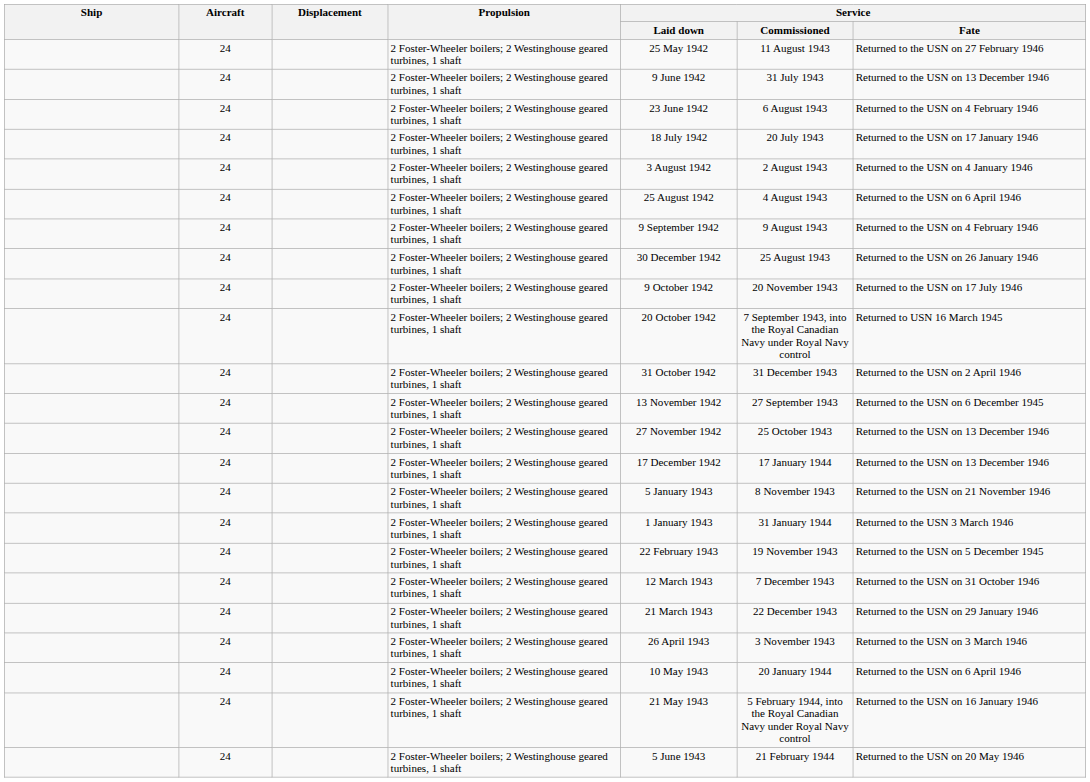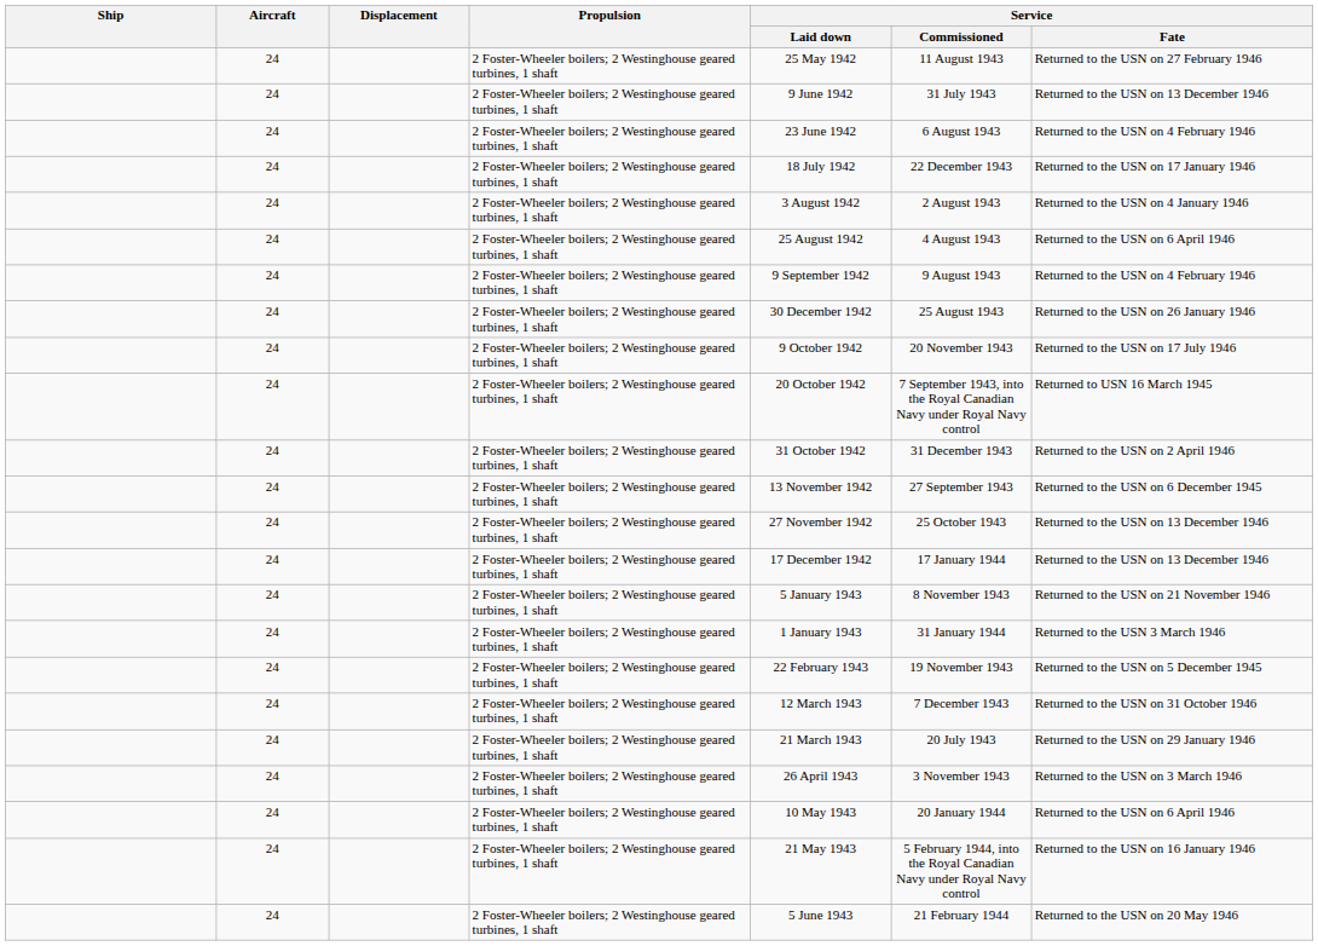 <table class="wikitable" style="width:99%;">
 <tr valign="top"|- valign="top">
 <th style="width:15%; text-align:center;" rowspan="2">Ship</th>
 <th style="width:8%; text-align:center;" rowspan="2">Aircraft</th>
 <th style="width:10%; text-align:center;" rowspan="2">Displacement</th>
 <th style="width:20%; text-align:center;" rowspan="2">Propulsion</th>
 <th style="width:40%; text-align:center;" colspan="3">Service</th>
 </tr>
 <tr valign="top">
 <th style="width:10%; text-align:center;">Laid down</th>
 <th style="width:10%; text-align:center;">Commissioned</th>
 <th style="width:20%; text-align:center;">Fate</th>
 </tr>
 <tr valign="top">
 <td align= left></td>
 <td style="text-align:center;">24</td>
 <td style="text-align:center;"></td>
 <td align= left>2 Foster-Wheeler boilers; 2 Westinghouse geared turbines, 1 shaft</td>
 <td style="text-align:center;">25 May 1942</td>
 <td style="text-align:center;">11 August 1943</td>
 <td align= left>Returned to the USN on 27 February 1946</td>
 </tr>
 <tr valign="top">
 <td align= left></td>
 <td style="text-align:center;">24</td>
 <td style="text-align:center;"></td>
 <td align= left>2 Foster-Wheeler boilers; 2 Westinghouse geared turbines, 1 shaft</td>
 <td style="text-align:center;">9 June 1942</td>
 <td style="text-align:center;">31 July 1943</td>
 <td align= left>Returned to the USN on 13 December 1946</td>
 </tr>
 <tr valign="top">
 <td align= left></td>
 <td style="text-align:center;">24</td>
 <td style="text-align:center;"></td>
 <td align= left>2 Foster-Wheeler boilers; 2 Westinghouse geared turbines, 1 shaft</td>
 <td style="text-align:center;">23 June 1942</td>
 <td style="text-align:center;">6 August 1943</td>
 <td align= left>Returned to the USN on 4 February 1946</td>
 </tr>
 <tr valign="top">
 <td align= left></td>
 <td style="text-align:center;">24</td>
 <td style="text-align:center;"></td>
 <td align= left>2 Foster-Wheeler boilers; 2 Westinghouse geared turbines, 1 shaft</td>
 <td style="text-align:center;">18 July 1942</td>
-<td style="text-align:center;">20 July 1943</td>
+<td style="text-align:center;">22 December 1943</td>
 <td align= left>Returned to the USN on 17 January 1946</td>
 </tr>
 <tr valign="top">
 <td align= left></td>
 <td style="text-align:center;">24</td>
 <td style="text-align:center;"></td>
 <td align= left>2 Foster-Wheeler boilers; 2 Westinghouse geared turbines, 1 shaft</td>
 <td style="text-align:center;">3 August 1942</td>
 <td style="text-align:center;">2 August 1943</td>
 <td align= left>Returned to the USN on 4 January 1946</td>
 </tr>
 <tr valign="top">
 <td align= left></td>
 <td style="text-align:center;">24</td>
 <td style="text-align:center;"></td>
 <td align= left>2 Foster-Wheeler boilers; 2 Westinghouse geared turbines, 1 shaft</td>
 <td style="text-align:center;">25 August 1942</td>
 <td style="text-align:center;">4 August 1943</td>
 <td align= left>Returned to the USN on 6 April 1946</td>
 </tr>
 <tr valign="top">
 <td align= left></td>
 <td style="text-align:center;">24</td>
 <td style="text-align:center;"></td>
 <td align= left>2 Foster-Wheeler boilers; 2 Westinghouse geared turbines, 1 shaft</td>
 <td style="text-align:center;">9 September 1942</td>
 <td style="text-align:center;">9 August 1943</td>
 <td align= left>Returned to the USN on 4 February 1946</td>
 </tr>
 <tr valign="top">
 <td align= left></td>
 <td style="text-align:center;">24</td>
 <td style="text-align:center;"></td>
 <td align= left>2 Foster-Wheeler boilers; 2 Westinghouse geared turbines, 1 shaft</td>
 <td style="text-align:center;">30 December 1942</td>
 <td style="text-align:center;">25 August 1943</td>
 <td align= left>Returned to the USN on 26 January 1946</td>
 </tr>
 <tr valign="top">
 <td align= left></td>
 <td style="text-align:center;">24</td>
 <td style="text-align:center;"></td>
 <td align= left>2 Foster-Wheeler boilers; 2 Westinghouse geared turbines, 1 shaft</td>
 <td style="text-align:center;">9 October 1942</td>
 <td style="text-align:center;">20 November 1943</td>
 <td align= left>Returned to the USN on 17 July 1946</td>
 </tr>
 <tr valign="top">
 <td align= left></td>
 <td style="text-align:center;">24</td>
 <td style="text-align:center;"></td>
 <td align= left>2 Foster-Wheeler boilers; 2 Westinghouse geared turbines, 1 shaft</td>
 <td style="text-align:center;">20 October 1942</td>
 <td style="text-align:center;">7 September 1943, into the Royal Canadian Navy under Royal Navy control</td>
 <td align= left>Returned to USN 16 March 1945</td>
 </tr>
 <tr valign="top">
 <td align= left></td>
 <td style="text-align:center;">24</td>
 <td style="text-align:center;"></td>
 <td align= left>2 Foster-Wheeler boilers; 2 Westinghouse geared turbines, 1 shaft</td>
 <td style="text-align:center;">31 October 1942</td>
 <td style="text-align:center;">31 December 1943</td>
 <td align= left>Returned to the USN on 2 April 1946</td>
 </tr>
 <tr valign="top">
 <td align= left></td>
 <td style="text-align:center;">24</td>
 <td style="text-align:center;"></td>
 <td align= left>2 Foster-Wheeler boilers; 2 Westinghouse geared turbines, 1 shaft</td>
 <td style="text-align:center;">13 November 1942</td>
 <td style="text-align:center;">27 September 1943</td>
 <td align= left>Returned to the USN on 6 December 1945</td>
 </tr>
 <tr valign="top">
 <td align= left></td>
 <td style="text-align:center;">24</td>
 <td style="text-align:center;"></td>
 <td align= left>2 Foster-Wheeler boilers; 2 Westinghouse geared turbines, 1 shaft</td>
 <td style="text-align:center;">27 November 1942</td>
 <td style="text-align:center;">25 October 1943</td>
 <td align= left>Returned to the USN on 13 December 1946</td>
 </tr>
 <tr valign="top">
 <td align= left></td>
 <td style="text-align:center;">24</td>
 <td style="text-align:center;"></td>
 <td align= left>2 Foster-Wheeler boilers; 2 Westinghouse geared turbines, 1 shaft</td>
 <td style="text-align:center;">17 December 1942</td>
 <td style="text-align:center;">17 January 1944</td>
 <td align= left>Returned to the USN on 13 December 1946</td>
 </tr>
 <tr valign="top">
 <td align= left></td>
 <td style="text-align:center;">24</td>
 <td style="text-align:center;"></td>
 <td align= left>2 Foster-Wheeler boilers; 2 Westinghouse geared turbines, 1 shaft</td>
 <td style="text-align:center;">5 January 1943</td>
 <td style="text-align:center;">8 November 1943</td>
 <td align= left>Returned to the USN on 21 November 1946</td>
 </tr>
 <tr valign="top">
 <td align= left></td>
 <td style="text-align:center;">24</td>
 <td style="text-align:center;"></td>
 <td align= left>2 Foster-Wheeler boilers; 2 Westinghouse geared turbines, 1 shaft</td>
 <td style="text-align:center;">1 January 1943</td>
 <td style="text-align:center;">31 January 1944</td>
 <td align= left>Returned to the USN 3 March 1946</td>
 </tr>
 <tr valign="top">
 <td align= left></td>
 <td style="text-align:center;">24</td>
 <td style="text-align:center;"></td>
 <td align= left>2 Foster-Wheeler boilers; 2 Westinghouse geared turbines, 1 shaft</td>
 <td style="text-align:center;">22 February 1943</td>
 <td style="text-align:center;">19 November 1943</td>
 <td align= left>Returned to the USN on 5 December 1945</td>
 </tr>
 <tr valign="top">
 <td align= left></td>
 <td style="text-align:center;">24</td>
 <td style="text-align:center;"></td>
 <td align= left>2 Foster-Wheeler boilers; 2 Westinghouse geared turbines, 1 shaft</td>
 <td style="text-align:center;">12 March 1943</td>
 <td style="text-align:center;">7 December 1943</td>
 <td align= left>Returned to the USN on 31 October 1946</td>
 </tr>
 <tr valign="top">
 <td align= left></td>
 <td style="text-align:center;">24</td>
 <td style="text-align:center;"></td>
 <td align= left>2 Foster-Wheeler boilers; 2 Westinghouse geared turbines, 1 shaft</td>
 <td style="text-align:center;">21 March 1943</td>
-<td style="text-align:center;">22 December 1943</td>
+<td style="text-align:center;">20 July 1943</td>
 <td align= left>Returned to the USN on 29 January 1946</td>
 </tr>
 <tr valign="top">
 <td align= left></td>
 <td style="text-align:center;">24</td>
 <td style="text-align:center;"></td>
 <td align= left>2 Foster-Wheeler boilers; 2 Westinghouse geared turbines, 1 shaft</td>
 <td style="text-align:center;">26 April 1943</td>
 <td style="text-align:center;">3 November 1943</td>
 <td align= left>Returned to the USN on 3 March 1946</td>
 </tr>
 <tr valign="top">
 <td align= left></td>
 <td style="text-align:center;">24</td>
 <td style="text-align:center;"></td>
 <td align= left>2 Foster-Wheeler boilers; 2 Westinghouse geared turbines, 1 shaft</td>
 <td style="text-align:center;">10 May 1943</td>
 <td style="text-align:center;">20 January 1944</td>
 <td align= left>Returned to the USN on 6 April 1946</td>
 </tr>
 <tr valign="top">
 <td align= left></td>
 <td style="text-align:center;">24</td>
 <td style="text-align:center;"></td>
 <td align= left>2 Foster-Wheeler boilers; 2 Westinghouse geared turbines, 1 shaft</td>
 <td style="text-align:center;">21 May 1943</td>
 <td style="text-align:center;">5 February 1944, into the Royal Canadian Navy under Royal Navy control</td>
 <td align= left>Returned to the USN on 16 January 1946</td>
 </tr>
 <tr valign="top">
 <td align= left></td>
 <td style="text-align:center;">24</td>
 <td style="text-align:center;"></td>
 <td align= left>2 Foster-Wheeler boilers; 2 Westinghouse geared turbines, 1 shaft</td>
 <td style="text-align:center;">5 June 1943</td>
 <td style="text-align:center;">21 February 1944</td>
 <td align= left>Returned to the USN on 20 May 1946</td>
 </tr>
 </table>
